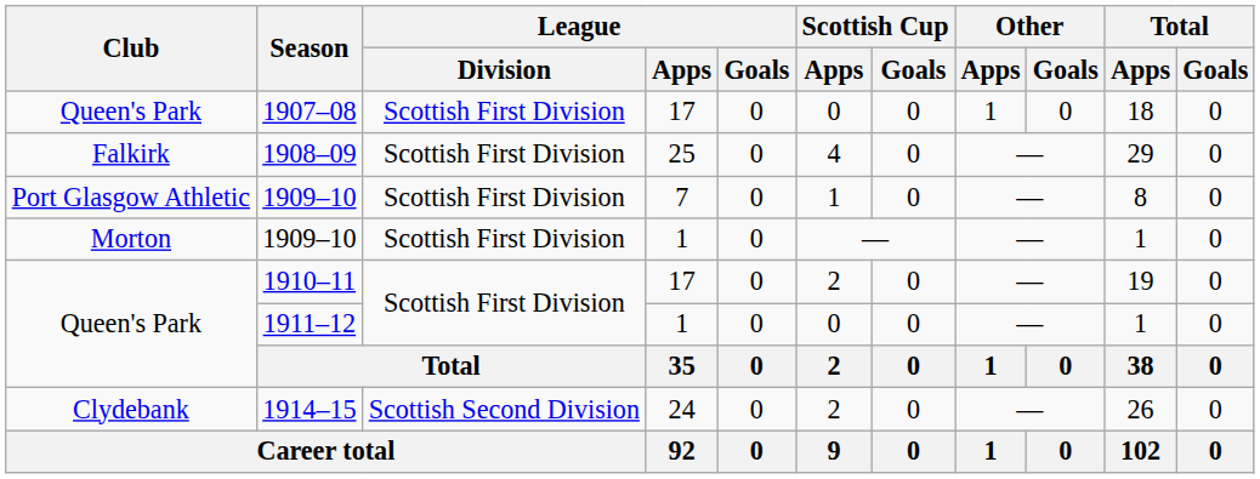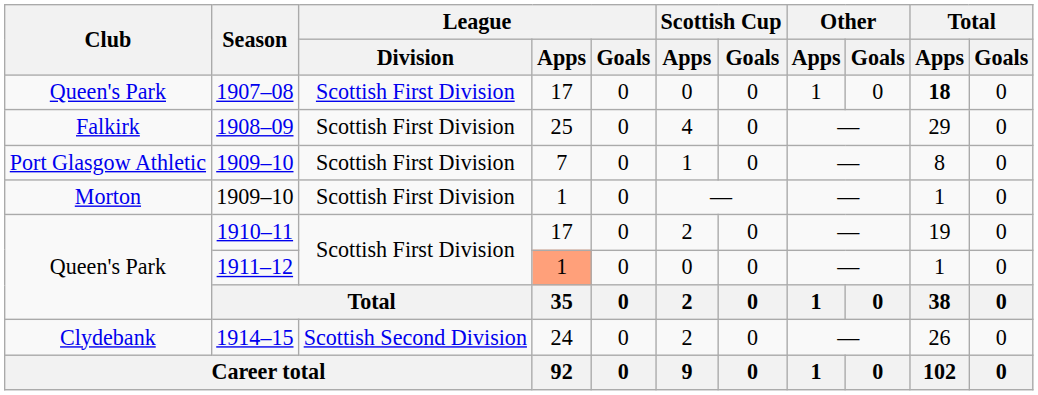 <table class="wikitable" style="text-align: center;">
 <tr>
 <th rowspan="2">Club</th>
 <th rowspan="2">Season</th>
 <th colspan="3">League</th>
 <th colspan="2">Scottish Cup</th>
 <th colspan="2">Other</th>
 <th colspan="2">Total</th>
 </tr>
 <tr>
 <th>Division</th>
 <th>Apps</th>
 <th>Goals</th>
 <th>Apps</th>
 <th>Goals</th>
 <th>Apps</th>
 <th>Goals</th>
 <th>Apps</th>
 <th>Goals</th>
 </tr>
 <tr>
 <td><a href='#'>Queen's Park</a></td>
 <td><a href='#'>1907–08</a></td>
 <td><a href='#'>Scottish First Division</a></td>
 <td>17</td>
 <td>0</td>
 <td>0</td>
 <td>0</td>
 <td>1</td>
 <td>0</td>
-<td>18</td>
+<td><strong>18</strong></td>
 <td>0</td>
 </tr>
 <tr>
 <td><a href='#'>Falkirk</a></td>
 <td><a href='#'>1908–09</a></td>
 <td>Scottish First Division</td>
 <td>25</td>
 <td>0</td>
 <td>4</td>
 <td>0</td>
 <td colspan="2">—</td>
 <td>29</td>
 <td>0</td>
 </tr>
 <tr>
 <td><a href='#'>Port Glasgow Athletic</a></td>
 <td><a href='#'>1909–10</a></td>
 <td>Scottish First Division</td>
 <td>7</td>
 <td>0</td>
 <td>1</td>
 <td>0</td>
 <td colspan="2">—</td>
 <td>8</td>
 <td>0</td>
 </tr>
 <tr>
 <td><a href='#'>Morton</a></td>
 <td>1909–10</td>
 <td>Scottish First Division</td>
 <td>1</td>
 <td>0</td>
 <td colspan="2">—</td>
 <td colspan="2">—</td>
 <td>1</td>
 <td>0</td>
 </tr>
 <tr>
 <td rowspan="3">Queen's Park</td>
 <td><a href='#'>1910–11</a></td>
 <td rowspan="2">Scottish First Division</td>
 <td>17</td>
 <td>0</td>
 <td>2</td>
 <td>0</td>
 <td colspan="2">—</td>
 <td>19</td>
 <td>0</td>
 </tr>
 <tr>
 <td><a href='#'>1911–12</a></td>
-<td>1</td>
+<td style="background: lightsalmon;">1</td>
 <td>0</td>
 <td>0</td>
 <td>0</td>
 <td colspan="2">—</td>
 <td>1</td>
 <td>0</td>
 </tr>
 <tr>
 <th colspan="2">Total</th>
 <th>35</th>
 <th>0</th>
 <th>2</th>
 <th>0</th>
 <th>1</th>
 <th>0</th>
 <th>38</th>
 <th>0</th>
 </tr>
 <tr>
 <td><a href='#'>Clydebank</a></td>
 <td><a href='#'>1914–15</a></td>
 <td><a href='#'>Scottish Second Division</a></td>
 <td>24</td>
 <td>0</td>
 <td>2</td>
 <td>0</td>
 <td colspan="2">—</td>
 <td>26</td>
 <td>0</td>
 </tr>
 <tr>
 <th colspan="3">Career total</th>
 <th>92</th>
 <th>0</th>
 <th>9</th>
 <th>0</th>
 <th>1</th>
 <th>0</th>
 <th>102</th>
 <th>0</th>
 </tr>
 </table>
